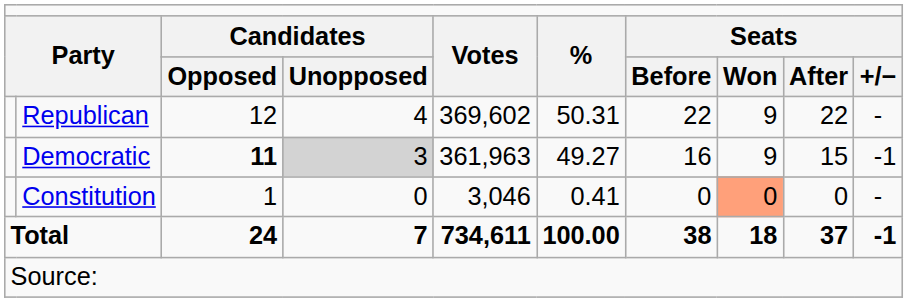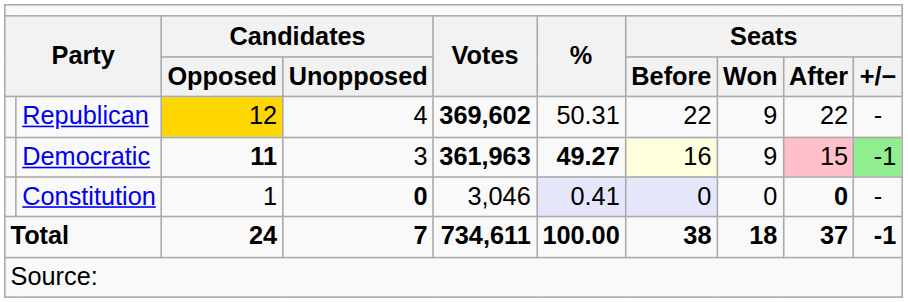 <table class="wikitable">
 <tr>
 <td colspan="12" style="text-align:center;"></td>
 </tr>
 <tr>
 <th colspan="2" rowspan="2">Party</th>
 <th colspan="2">Candidates</th>
 <th rowspan="2">Votes</th>
 <th rowspan="2">%</th>
 <th colspan="4">Seats</th>
 </tr>
 <tr>
 <th>Opposed</th>
 <th>Unopposed</th>
 <th>Before</th>
 <th>Won</th>
 <th>After</th>
 <th>+/−</th>
 </tr>
 <tr>
 <td style="background-color:"></td>
 <td><a href='#'>Republican</a></td>
-<td style="text-align:right;">12</td>
+<td style="background: gold; text-align:right;">12</td>
 <td style="text-align:right;">4</td>
-<td style="text-align:right;">369,602</td>
+<td style="text-align:right;"><strong>369,602</strong></td>
 <td style="text-align:right;">50.31</td>
 <td style="text-align:right;">22</td>
 <td style="text-align:right;">9</td>
 <td style="text-align:right;">22</td>
 <td style="text-align:center;">-</td>
 </tr>
 <tr>
 <td style="background-color:"></td>
 <td><a href='#'>Democratic</a></td>
 <td style="text-align:right;"><strong>11</strong></td>
-<td style="background: lightgrey; text-align:right;">3</td>
-<td style="text-align:right;">361,963</td>
-<td style="text-align:right;">49.27</td>
-<td style="text-align:right;">16</td>
+<td style="text-align:right;">3</td>
+<td style="text-align:right;"><strong>361,963</strong></td>
+<td style="text-align:right;"><strong>49.27</strong></td>
+<td style="background: lightyellow; text-align:right;">16</td>
 <td style="text-align:right;">9</td>
-<td style="text-align:right;">15</td>
-<td style="text-align:right;">-1</td>
+<td style="background: pink; text-align:right;">15</td>
+<td style="background: lightgreen; text-align:right;">-1</td>
 </tr>
 <tr>
 <td style="background-color:"></td>
 <td><a href='#'>Constitution</a></td>
 <td style="text-align:right;">1</td>
+<td style="text-align:right;"><strong>0</strong></td>
+<td style="text-align:right;">3,046</td>
+<td style="background: lavender; text-align:right;">0.41</td>
+<td style="background: lavender; text-align:right;">0</td>
 <td style="text-align:right;">0</td>
-<td style="text-align:right;">3,046</td>
-<td style="text-align:right;">0.41</td>
-<td style="text-align:right;">0</td>
-<td style="background: lightsalmon; text-align:right;">0</td>
-<td style="text-align:right;">0</td>
+<td style="text-align:right;"><strong>0</strong></td>
 <td style="text-align:center;">-</td>
 </tr>
 <tr>
 <td colspan="2"><strong>Total</strong></td>
 <td style="text-align:right;"><strong>24</strong></td>
 <td style="text-align:right;"><strong>7</strong></td>
 <td style="text-align:right;"><strong>734,611</strong></td>
 <td style="text-align:right;"><strong>100.00</strong></td>
 <td style="text-align:right;"><strong>38</strong></td>
 <td style="text-align:right;"><strong>18</strong></td>
 <td style="text-align:right;"><strong>37</strong></td>
 <td style="text-align:right;"><strong>-1</strong></td>
 </tr>
 <tr>
 <td colspan="10">Source: <em></em></td>
 </tr>
 </table>
